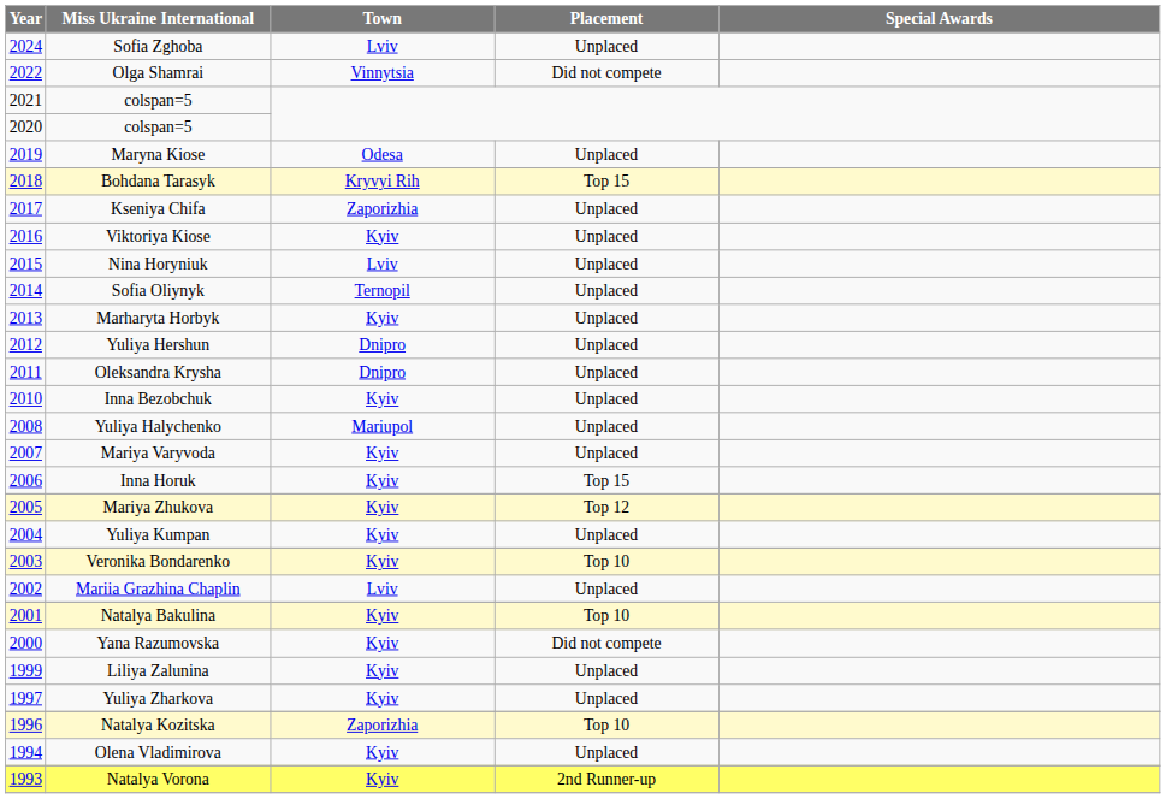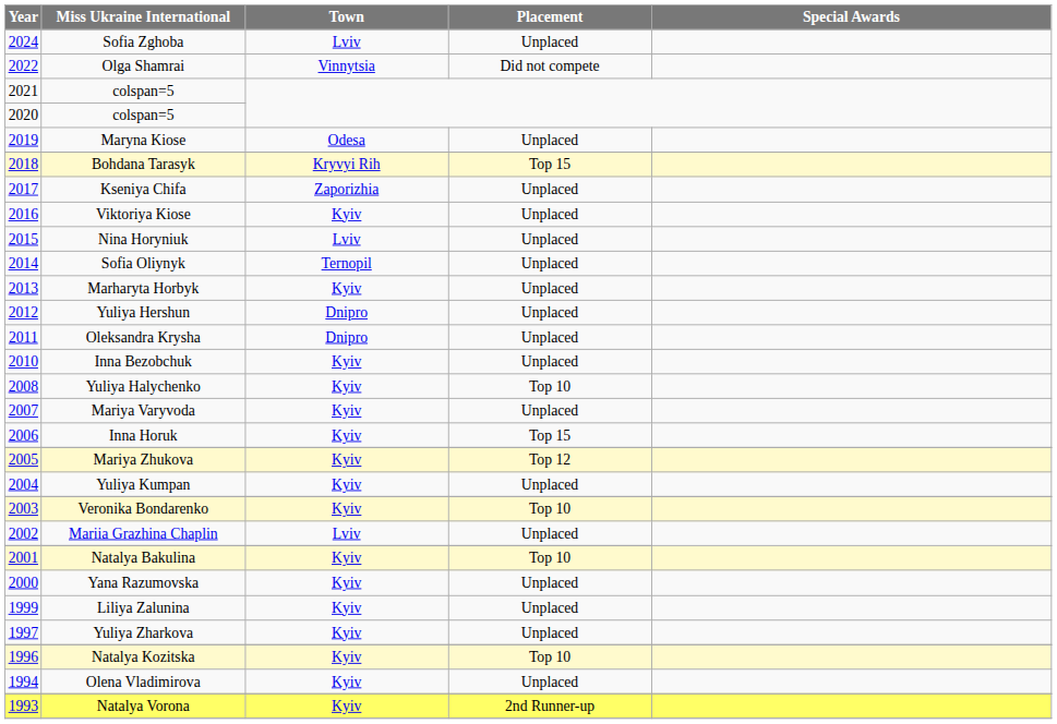 <table class="wikitable sortable" style="font-size: 95%; text-align:center">
 <tr>
 <th width="30" style="background-color:#787878;color:#FFFFFF;">Year</th>
 <th width="200" style="background-color:#787878;color:#FFFFFF;">Miss Ukraine International</th>
 <th width="200" style="background-color:#787878;color:#FFFFFF;">Town</th>
 <th width="200" style="background-color:#787878;color:#FFFFFF;">Placement</th>
 <th width="400" style="background-color:#787878;color:#FFFFFF;">Special Awards</th>
 </tr>
 <tr>
 <td><a href='#'>2024</a></td>
 <td>Sofia Zghoba</td>
 <td><a href='#'>Lviv</a></td>
 <td>Unplaced</td>
 <td></td>
 </tr>
 <tr>
 <td><a href='#'>2022</a></td>
 <td>Olga Shamrai</td>
 <td><a href='#'>Vinnytsia</a></td>
 <td>Did not compete</td>
 <td></td>
 </tr>
 <tr>
 <td>2021</td>
 <td>colspan=5 </td>
 </tr>
 <tr>
 <td>2020</td>
 <td>colspan=5 </td>
 </tr>
 <tr>
 <td><a href='#'>2019</a></td>
 <td>Maryna Kiose</td>
 <td><a href='#'>Odesa</a></td>
 <td>Unplaced</td>
 <td></td>
 </tr>
 <tr>
 </tr>
 <tr style="background-color:#FFFACD;">
 <td><a href='#'>2018</a></td>
 <td>Bohdana Tarasyk</td>
 <td><a href='#'>Kryvyi Rih</a></td>
 <td>Top 15</td>
 <td></td>
 </tr>
 <tr>
 <td><a href='#'>2017</a></td>
 <td>Kseniya Chifa</td>
 <td><a href='#'>Zaporizhia</a></td>
 <td>Unplaced</td>
 <td></td>
 </tr>
 <tr>
 <td><a href='#'>2016</a></td>
 <td>Viktoriya Kiose</td>
 <td><a href='#'>Kyiv</a></td>
 <td>Unplaced</td>
 <td></td>
 </tr>
 <tr>
 <td><a href='#'>2015</a></td>
 <td>Nina Horyniuk</td>
 <td><a href='#'>Lviv</a></td>
 <td>Unplaced</td>
 <td></td>
 </tr>
 <tr>
 <td><a href='#'>2014</a></td>
 <td>Sofia Oliynyk</td>
 <td><a href='#'>Ternopil</a></td>
 <td>Unplaced</td>
 <td></td>
 </tr>
 <tr>
 <td><a href='#'>2013</a></td>
 <td>Marharyta Horbyk</td>
 <td><a href='#'>Kyiv</a></td>
 <td>Unplaced</td>
 <td></td>
 </tr>
 <tr>
 <td><a href='#'>2012</a></td>
 <td>Yuliya Hershun</td>
 <td><a href='#'>Dnipro</a></td>
 <td>Unplaced</td>
 <td></td>
 </tr>
 <tr>
 <td><a href='#'>2011</a></td>
 <td>Oleksandra Krysha</td>
 <td><a href='#'>Dnipro</a></td>
 <td>Unplaced</td>
 <td></td>
 </tr>
 <tr>
 <td><a href='#'>2010</a></td>
 <td>Inna Bezobchuk</td>
 <td><a href='#'>Kyiv</a></td>
 <td>Unplaced</td>
 <td></td>
 </tr>
 <tr>
 <td><a href='#'>2008</a></td>
 <td>Yuliya Halychenko</td>
-<td><a href='#'>Mariupol</a></td>
-<td>Unplaced</td>
+<td><a href='#'>Kyiv</a></td>
+<td>Top 10</td>
 <td></td>
 </tr>
 <tr>
 <td><a href='#'>2007</a></td>
 <td>Mariya Varyvoda</td>
 <td><a href='#'>Kyiv</a></td>
 <td>Unplaced</td>
 <td></td>
 </tr>
 <tr>
 <td><a href='#'>2006</a></td>
 <td>Inna Horuk</td>
 <td><a href='#'>Kyiv</a></td>
 <td>Top 15</td>
 <td></td>
 </tr>
 <tr>
 </tr>
 <tr style="background-color:#FFFACD;">
 <td><a href='#'>2005</a></td>
 <td>Mariya Zhukova</td>
 <td><a href='#'>Kyiv</a></td>
 <td>Top 12</td>
 <td></td>
 </tr>
 <tr>
 <td><a href='#'>2004</a></td>
 <td>Yuliya Kumpan</td>
 <td><a href='#'>Kyiv</a></td>
 <td>Unplaced</td>
 <td></td>
 </tr>
 <tr>
 </tr>
 <tr style="background-color:#FFFACD;">
 <td><a href='#'>2003</a></td>
 <td>Veronika Bondarenko</td>
 <td><a href='#'>Kyiv</a></td>
 <td>Top 10</td>
 <td></td>
 </tr>
 <tr>
 <td><a href='#'>2002</a></td>
 <td><a href='#'>Mariia Grazhina Chaplin</a></td>
 <td><a href='#'>Lviv</a></td>
 <td>Unplaced</td>
 </tr>
 <tr>
 </tr>
 <tr style="background-color:#FFFACD;">
 <td><a href='#'>2001</a></td>
 <td>Natalya Bakulina</td>
 <td><a href='#'>Kyiv</a></td>
 <td>Top 10</td>
 <td></td>
 </tr>
 <tr>
 <td><a href='#'>2000</a></td>
 <td>Yana Razumovska</td>
 <td><a href='#'>Kyiv</a></td>
-<td>Did not compete</td>
+<td>Unplaced</td>
 <td></td>
 </tr>
 <tr>
 <td><a href='#'>1999</a></td>
 <td>Liliya Zalunina</td>
 <td><a href='#'>Kyiv</a></td>
 <td>Unplaced</td>
 <td></td>
 </tr>
 <tr>
 <td><a href='#'>1997</a></td>
 <td>Yuliya Zharkova</td>
 <td><a href='#'>Kyiv</a></td>
 <td>Unplaced</td>
 <td></td>
 </tr>
 <tr>
 </tr>
 <tr style="background-color:#FFFACD;">
 <td><a href='#'>1996</a></td>
 <td>Natalya Kozitska</td>
-<td><a href='#'>Zaporizhia</a></td>
+<td><a href='#'>Kyiv</a></td>
 <td>Top 10</td>
 <td></td>
 </tr>
 <tr>
 <td><a href='#'>1994</a></td>
 <td>Olena Vladimirova</td>
 <td><a href='#'>Kyiv</a></td>
 <td>Unplaced</td>
 <td></td>
 </tr>
 <tr>
 </tr>
 <tr style="background-color:#FFFF66;">
 <td><a href='#'>1993</a></td>
 <td>Natalya Vorona</td>
 <td><a href='#'>Kyiv</a></td>
 <td>2nd Runner-up</td>
 <td></td>
 </tr>
 <tr>
 </tr>
 </table>
